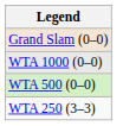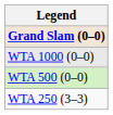 <table class=wikitable style=font-size:90%>
 <tr>
 <th>Legend</th>
 </tr>
 <tr>
-<td bgcolor=f3e6d7><a href='#'>Grand Slam</a> (0–0)</td>
+<td bgcolor=f3e6d7><strong><a href='#'>Grand Slam</a> (0–0)</strong></td>
 </tr>
 <tr>
 <td bgcolor=e9e9e9><a href='#'>WTA 1000</a> (0–0)</td>
 </tr>
 <tr>
 <td bgcolor=d4f1c5><a href='#'>WTA 500</a> (0–0)</td>
 </tr>
 <tr>
 <td><a href='#'>WTA 250</a> (3–3)</td>
 </tr>
 </table>
